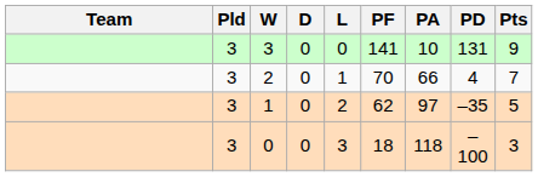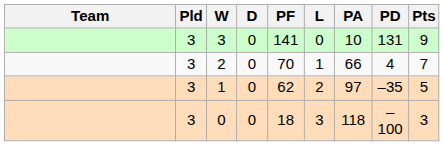 <table class="wikitable" style="text-align:center;">
 <tr>
 <th width=175>Team</th>
 <th width=25 abbr="Played">Pld</th>
 <th width=25 abbr="Won">W</th>
 <th width=25 abbr="Drawn">D</th>
+<th width=32 abbr="Points for">PF</th>
 <th width=25 abbr="Lost">L</th>
-<th width=32 abbr="Points for">PF</th>
 <th width=32 abbr="Points against">PA</th>
 <th width=32 abbr="Points difference">PD</th>
 <th width=25 abbr="Points">Pts</th>
 </tr>
 <tr bgcolor="#ccffcc">
 <td align=left></td>
 <td>3</td>
 <td>3</td>
 <td>0</td>
+<td>141</td>
 <td>0</td>
-<td>141</td>
 <td>10</td>
 <td>131</td>
 <td>9</td>
 </tr>
 <tr>
 <td align=left></td>
 <td>3</td>
 <td>2</td>
 <td>0</td>
+<td>70</td>
 <td>1</td>
-<td>70</td>
 <td>66</td>
 <td>4</td>
 <td>7</td>
 </tr>
 <tr bgcolor="#ffddbb">
 <td align=left></td>
 <td>3</td>
 <td>1</td>
 <td>0</td>
+<td>62</td>
 <td>2</td>
-<td>62</td>
 <td>97</td>
 <td>–35</td>
 <td>5</td>
 </tr>
 <tr bgcolor="#ffddbb">
 <td align=left></td>
 <td>3</td>
 <td>0</td>
 <td>0</td>
+<td>18</td>
 <td>3</td>
-<td>18</td>
 <td>118</td>
 <td>–100</td>
 <td>3</td>
 </tr>
 </table>
